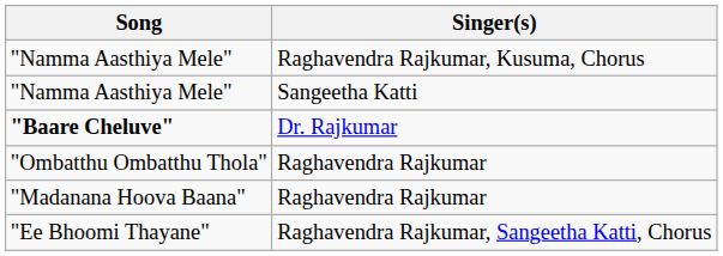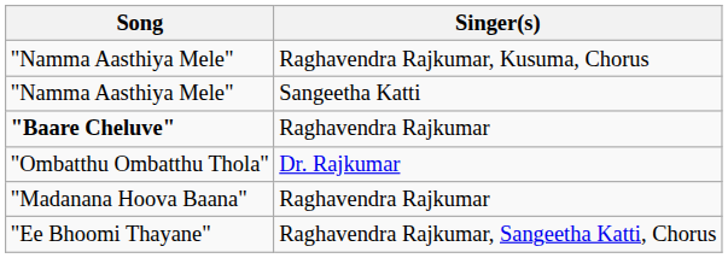 <table class="wikitable sortable">
 <tr>
 <th>Song</th>
 <th>Singer(s)</th>
 </tr>
 <tr>
 <td>"Namma Aasthiya Mele"</td>
 <td>Raghavendra Rajkumar, Kusuma, Chorus</td>
 </tr>
 <tr>
 <td>"Namma Aasthiya Mele"</td>
 <td>Sangeetha Katti</td>
 </tr>
 <tr>
 <td><strong>"Baare Cheluve"</strong></td>
-<td><a href='#'>Dr. Rajkumar</a></td>
+<td>Raghavendra Rajkumar</td>
 </tr>
 <tr>
 <td>"Ombatthu Ombatthu Thola"</td>
-<td>Raghavendra Rajkumar</td>
+<td><a href='#'>Dr. Rajkumar</a></td>
 </tr>
 <tr>
 <td>"Madanana Hoova Baana"</td>
 <td>Raghavendra Rajkumar</td>
 </tr>
 <tr>
 <td>"Ee Bhoomi Thayane"</td>
 <td>Raghavendra Rajkumar, <a href='#'>Sangeetha Katti</a>, Chorus</td>
 </tr>
 </table>
